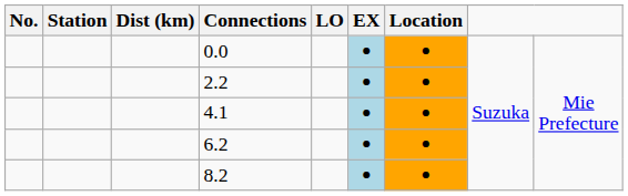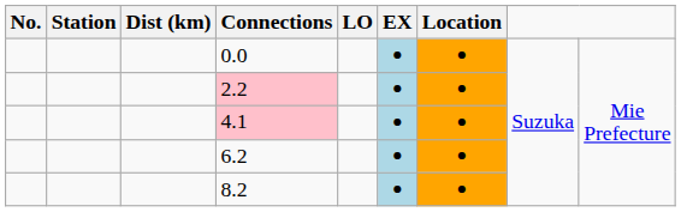 <table class=wikitable>
 <tr style="text-align: center; ">
 <th style="border-bottom:solid 2px #">No.</th>
 <th style="border-bottom:solid 2px #">Station</th>
 <th style="border-bottom:solid 2px #">Dist (km)</th>
 <th style="border-bottom:solid 2px #">Connections</th>
 <th style="border-bottom:solid 2px #">LO</th>
 <th style="border-bottom:solid 2px #">EX</th>
 <th style="border-bottom:solid 2px #">Location</th>
 </tr>
 <tr>
 <td></td>
 <td></td>
 <td></td>
 <td>0.0</td>
 <td> </td>
 <td style="text-align:center; font-family:monospace; background:lightblue; color:black;">●</td>
 <td style="text-align:center; font-family:monospace; background:orange; color:black;">●</td>
 <td rowspan="5" style="text-align:center;"><a href='#'>Suzuka</a></td>
 <td rowspan="5" style="text-align:center;"><a href='#'>Mie<br>Prefecture</a></td>
 </tr>
 <tr>
 <td></td>
 <td></td>
 <td></td>
-<td>2.2</td>
+<td style="background: pink;">2.2</td>
 <td></td>
 <td style="text-align:center; font-family:monospace; background:lightblue; color:black;">●</td>
 <td style="text-align:center; font-family:monospace; background:orange; color:black;">●</td>
 </tr>
 <tr>
 <td></td>
 <td></td>
 <td></td>
-<td>4.1</td>
+<td style="background: pink;">4.1</td>
 <td></td>
 <td style="text-align:center; font-family:monospace; background:lightblue; color:black;">●</td>
 <td style="text-align:center; font-family:monospace; background:orange; color:black;">●</td>
 </tr>
 <tr>
 <td></td>
 <td></td>
 <td></td>
 <td>6.2</td>
 <td></td>
 <td style="text-align:center; font-family:monospace; background:lightblue; color:black;">●</td>
 <td style="text-align:center; font-family:monospace; background:orange; color:black;">●</td>
 </tr>
 <tr>
 <td></td>
 <td></td>
 <td></td>
 <td>8.2</td>
 <td></td>
 <td style="text-align:center; font-family:monospace; background:lightblue; color:black;">●</td>
 <td style="text-align:center; font-family:monospace; background:orange; color:black;">●</td>
 </tr>
 </table>
